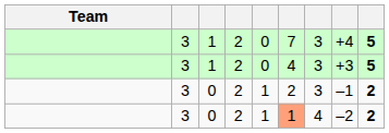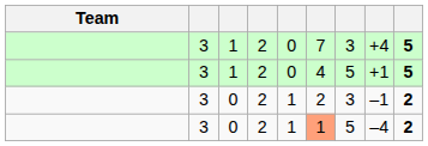 <table class="wikitable" style="text-align:center;">
 <tr>
 <th width="165">Team</th>
 <th width="20"></th>
 <th width="20"></th>
 <th width="20"></th>
 <th width="20"></th>
 <th width="20"></th>
 <th width="20"></th>
 <th width="20"></th>
 <th width="20"><br></th>
 </tr>
 <tr align=center bgcolor="ccffcc">
 <td style="text-align:left;"></td>
 <td>3</td>
 <td>1</td>
 <td>2</td>
 <td>0</td>
 <td>7</td>
 <td>3</td>
 <td>+4</td>
 <td><strong>5</strong></td>
 </tr>
 <tr align=center bgcolor="ccffcc">
 <td style="text-align:left;"></td>
 <td>3</td>
 <td>1</td>
 <td>2</td>
 <td>0</td>
 <td>4</td>
-<td>3</td>
-<td>+3</td>
+<td>5</td>
+<td>+1</td>
 <td><strong>5</strong></td>
 </tr>
 <tr>
 <td style="text-align:left;"></td>
 <td>3</td>
 <td>0</td>
 <td>2</td>
 <td>1</td>
 <td>2</td>
 <td>3</td>
 <td>–1</td>
 <td><strong>2</strong></td>
 </tr>
 <tr>
 <td style="text-align:left;"></td>
 <td>3</td>
 <td>0</td>
 <td>2</td>
 <td>1</td>
 <td style="background: lightsalmon;">1</td>
-<td>4</td>
-<td>–2</td>
+<td>5</td>
+<td>–4</td>
 <td><strong>2</strong></td>
 </tr>
 </table>
